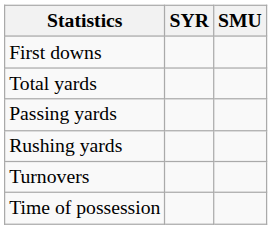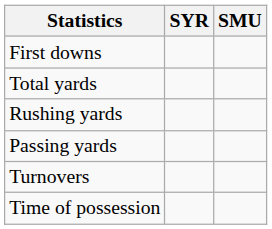 <table class="wikitable" style="float:left">
 <tr>
 <th>Statistics</th>
 <th>SYR</th>
 <th>SMU</th>
 </tr>
 <tr>
 <td>First downs</td>
 <td></td>
 <td></td>
 </tr>
 <tr>
 <td>Total yards</td>
 <td></td>
 <td></td>
 </tr>
 <tr>
-<td>Passing yards</td>
+<td>Rushing yards</td>
 <td></td>
 <td></td>
 </tr>
 <tr>
-<td>Rushing yards</td>
+<td>Passing yards</td>
 <td></td>
 <td></td>
 </tr>
 <tr>
 <td>Turnovers</td>
 <td></td>
 <td></td>
 </tr>
 <tr>
 <td>Time of possession</td>
 <td></td>
 <td></td>
 </tr>
 </table>
